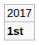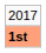 <table class="wikitable" border="1">
 <tr>
 <td>2017</td>
 </tr>
 <tr>
-<td><strong>1st</strong></td>
+<td style="background: lightsalmon;"><strong>1st</strong></td>
 </tr>
 </table>
